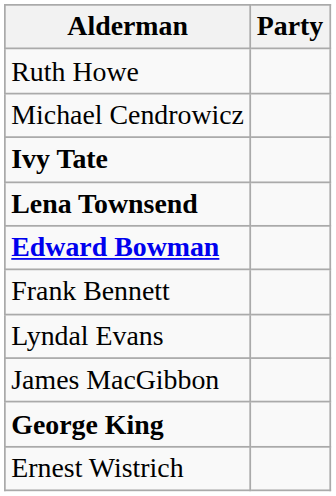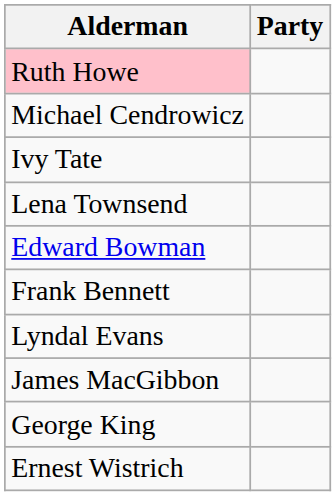 <table class="wikitable">
 <tr>
 <th>Alderman</th>
 <th colspan="2">Party</th>
 </tr>
 <tr>
-<td>Ruth Howe</td>
+<td style="background: pink;">Ruth Howe</td>
 <td></td>
 </tr>
 <tr>
 <td>Michael Cendrowicz</td>
 <td></td>
 </tr>
 <tr>
-<td><strong>Ivy Tate</strong></td>
+<td>Ivy Tate</td>
 <td></td>
 </tr>
 <tr>
-<td><strong>Lena Townsend</strong></td>
+<td>Lena Townsend</td>
 <td></td>
 </tr>
 <tr>
-<td><strong><a href='#'>Edward Bowman</a></strong></td>
+<td><a href='#'>Edward Bowman</a></td>
 <td></td>
 </tr>
 <tr>
 <td>Frank Bennett</td>
 <td></td>
 </tr>
 <tr>
 <td>Lyndal Evans</td>
 <td></td>
 </tr>
 <tr>
 <td>James MacGibbon</td>
 <td></td>
 </tr>
 <tr>
-<td><strong>George King</strong></td>
+<td>George King</td>
 <td></td>
 </tr>
 <tr>
 <td>Ernest Wistrich</td>
 <td></td>
 </tr>
 </table>
